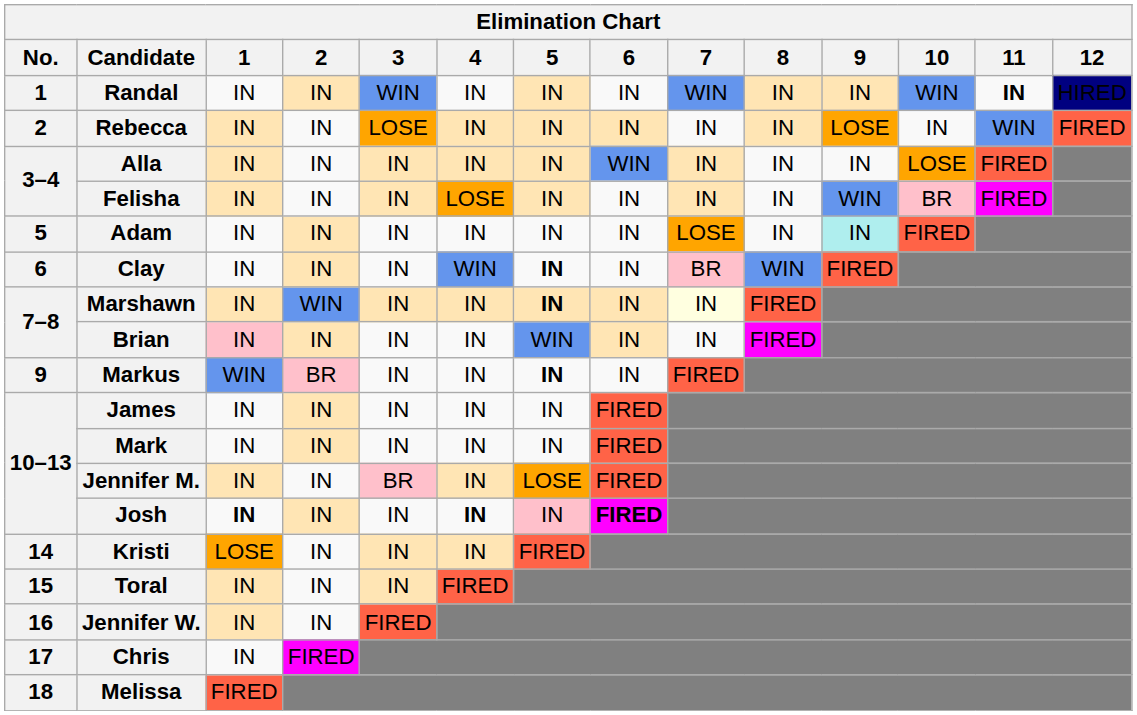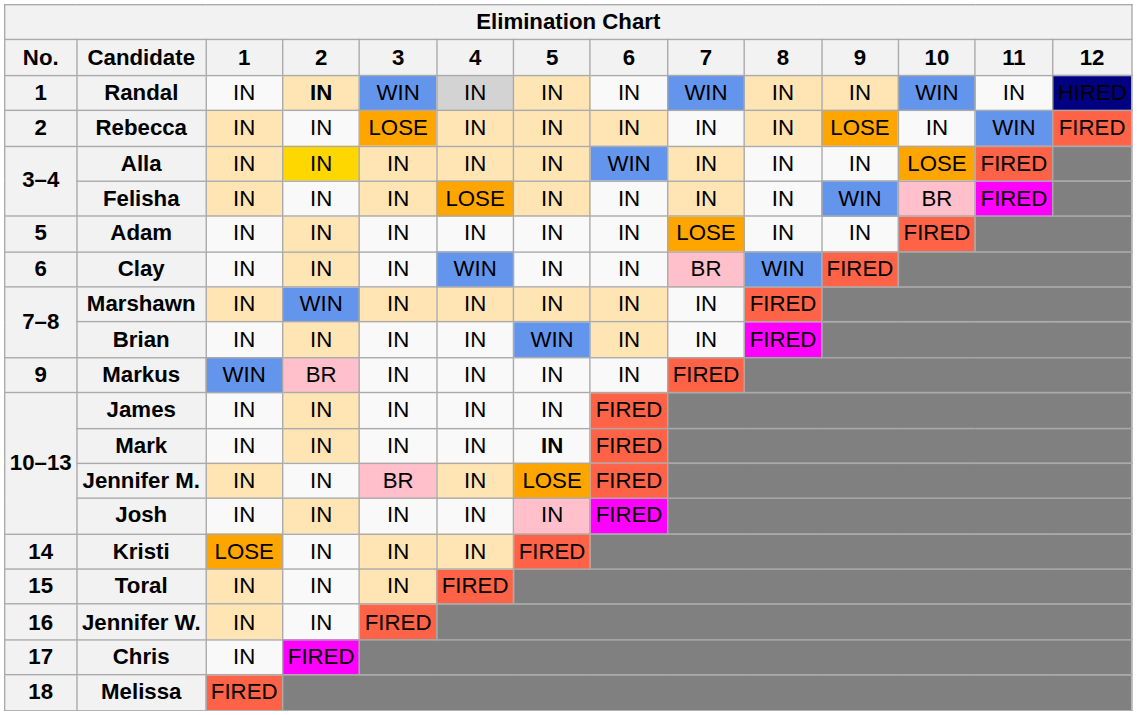 <table class="wikitable" style="text-align:center;">
 <tr>
 <th colspan="14">Elimination Chart</th>
 </tr>
 <tr>
 <th>No.</th>
 <th>Candidate</th>
 <th>1</th>
 <th>2</th>
 <th>3</th>
 <th>4</th>
 <th>5</th>
 <th>6</th>
 <th>7</th>
 <th>8</th>
 <th>9</th>
 <th>10</th>
 <th>11</th>
 <th>12</th>
 </tr>
 <tr>
 <th>1</th>
 <th>Randal</th>
 <td>IN</td>
-<td style="background:#ffe5b4;">IN</td>
+<td style="background:#ffe5b4;"><strong>IN</strong></td>
 <td style="background:cornflowerblue;">WIN</td>
-<td>IN</td>
+<td style="background: lightgrey;">IN</td>
 <td style="background:#ffe5b4;">IN</td>
 <td>IN</td>
 <td style="background:cornflowerblue;">WIN</td>
 <td style="background:#ffe5b4;">IN</td>
 <td style="background:#ffe5b4;">IN</td>
 <td style="background:cornflowerblue;">WIN</td>
-<td><strong>IN</strong></td>
+<td>IN</td>
 <td style="background:navy;"><span>HIRED</span></td>
 </tr>
 <tr>
 <th>2</th>
 <th>Rebecca</th>
 <td style="background:#ffe5b4;">IN</td>
 <td>IN</td>
 <td style="background:orange;">LOSE</td>
 <td style="background:#ffe5b4;">IN</td>
 <td style="background:#ffe5b4;">IN</td>
 <td style="background:#ffe5b4;">IN</td>
 <td>IN</td>
 <td style="background:#ffe5b4;">IN</td>
 <td style="background:orange;">LOSE</td>
 <td>IN</td>
 <td style="background:cornflowerblue;">WIN</td>
 <td style="background:tomato;">FIRED</td>
 </tr>
 <tr>
 <th rowspan="2">3–4</th>
 <th>Alla</th>
 <td style="background:#ffe5b4;">IN</td>
-<td>IN</td>
+<td style="background: gold;">IN</td>
 <td style="background:#ffe5b4;">IN</td>
 <td style="background:#ffe5b4;">IN</td>
 <td style="background:#ffe5b4;">IN</td>
 <td style="background:cornflowerblue;">WIN</td>
 <td style="background:#ffe5b4;">IN</td>
 <td>IN</td>
 <td>IN</td>
 <td style="background:orange;">LOSE</td>
 <td style="background:tomato;">FIRED</td>
 <td style="background:gray;"></td>
 </tr>
 <tr>
 <th>Felisha</th>
 <td style="background:#ffe5b4;">IN</td>
 <td>IN</td>
 <td style="background:#ffe5b4;">IN</td>
 <td style="background:orange;">LOSE</td>
 <td style="background:#ffe5b4;">IN</td>
 <td>IN</td>
 <td style="background:#ffe5b4;">IN</td>
 <td>IN</td>
 <td style="background:cornflowerblue;">WIN</td>
 <td style="background:pink;">BR</td>
 <td style="background:magenta;">FIRED</td>
 <td colspan="2" style="background:gray;"></td>
 </tr>
 <tr>
 <th>5</th>
 <th>Adam</th>
 <td>IN</td>
 <td style="background:#ffe5b4;">IN</td>
 <td>IN</td>
 <td>IN</td>
 <td>IN</td>
 <td>IN</td>
 <td style="background:orange;">LOSE</td>
 <td>IN</td>
-<td style="background: paleturquoise;">IN</td>
+<td>IN</td>
 <td style="background:tomato;">FIRED</td>
 <td colspan="3" style="background:gray;"></td>
 </tr>
 <tr>
 <th>6</th>
 <th>Clay</th>
 <td>IN</td>
 <td style="background:#ffe5b4;">IN</td>
 <td>IN</td>
 <td style="background:cornflowerblue;">WIN</td>
-<td><strong>IN</strong></td>
+<td>IN</td>
 <td>IN</td>
 <td style="background:pink;">BR</td>
 <td style="background:cornflowerblue;">WIN</td>
 <td style="background:tomato;">FIRED</td>
 <td colspan="4" style="background:gray;"></td>
 </tr>
 <tr>
 <th rowspan="2">7–8</th>
 <th>Marshawn</th>
 <td style="background:#ffe5b4;">IN</td>
 <td style="background:cornflowerblue;">WIN</td>
 <td style="background:#ffe5b4;">IN</td>
 <td style="background:#ffe5b4;">IN</td>
-<td style="background:#ffe5b4;"><strong>IN</strong></td>
 <td style="background:#ffe5b4;">IN</td>
-<td style="background: lightyellow;">IN</td>
+<td style="background:#ffe5b4;">IN</td>
+<td>IN</td>
 <td style="background:tomato;">FIRED</td>
 <td colspan="5" style="background:gray;"></td>
 </tr>
 <tr>
 <th>Brian</th>
-<td style="background: pink;">IN</td>
+<td>IN</td>
 <td style="background:#ffe5b4;">IN</td>
 <td>IN</td>
 <td>IN</td>
 <td style="background:cornflowerblue;">WIN</td>
 <td style="background:#ffe5b4;">IN</td>
 <td>IN</td>
 <td style="background:magenta;">FIRED</td>
 <td colspan="6" style="background:gray;"></td>
 </tr>
 <tr>
 <th>9</th>
 <th>Markus</th>
 <td style="background:cornflowerblue;">WIN</td>
 <td style="background:pink;">BR</td>
 <td>IN</td>
 <td>IN</td>
-<td><strong>IN</strong></td>
+<td>IN</td>
 <td>IN</td>
 <td style="background:tomato;">FIRED</td>
 <td colspan="7" style="background:gray;"></td>
 </tr>
 <tr>
 <th ! rowspan="4">10–13</th>
 <th>James</th>
 <td>IN</td>
 <td style="background:#ffe5b4;">IN</td>
 <td>IN</td>
 <td>IN</td>
 <td>IN</td>
 <td style="background:tomato;">FIRED</td>
 <td colspan="9" style="background:gray;"></td>
 </tr>
 <tr>
 <th>Mark</th>
 <td>IN</td>
 <td style="background:#ffe5b4;">IN</td>
 <td>IN</td>
 <td>IN</td>
-<td>IN</td>
+<td><strong>IN</strong></td>
 <td style="background:tomato;">FIRED</td>
 <td colspan="9" style="background:gray;"></td>
 </tr>
 <tr>
 <th>Jennifer M.</th>
 <td style="background:#ffe5b4;">IN</td>
 <td>IN</td>
 <td style="background:pink;">BR</td>
 <td style="background:#ffe5b4;">IN</td>
 <td style="background:orange;">LOSE</td>
 <td style="background:tomato;">FIRED</td>
 <td colspan="9" style="background:gray;"></td>
 </tr>
 <tr>
 <th>Josh</th>
-<td><strong>IN</strong></td>
+<td>IN</td>
 <td style="background:#ffe5b4;">IN</td>
 <td>IN</td>
-<td><strong>IN</strong></td>
+<td>IN</td>
 <td style="background: pink;">IN</td>
-<td style="background:magenta;"><strong>FIRED</strong></td>
+<td style="background:magenta;">FIRED</td>
 <td colspan="9" style="background:gray;"></td>
 </tr>
 <tr>
 <th>14</th>
 <th>Kristi</th>
 <td style="background:orange;">LOSE</td>
 <td>IN</td>
 <td style="background:#ffe5b4;">IN</td>
 <td style="background:#ffe5b4;">IN</td>
 <td style="background:tomato;">FIRED</td>
 <td colspan="12" style="background:gray;"></td>
 </tr>
 <tr>
 <th>15</th>
 <th>Toral</th>
 <td style="background:#ffe5b4;">IN</td>
 <td>IN</td>
 <td style="background:#ffe5b4;">IN</td>
 <td style="background:tomato;">FIRED</td>
 <td colspan="12" style="background:gray;"></td>
 </tr>
 <tr>
 <th>16</th>
 <th>Jennifer W.</th>
 <td style="background:#ffe5b4;">IN</td>
 <td>IN</td>
 <td style="background:tomato;">FIRED</td>
 <td colspan="13" style="background:gray;"></td>
 </tr>
 <tr>
 <th>17</th>
 <th>Chris</th>
 <td>IN</td>
 <td style="background:magenta;">FIRED</td>
 <td colspan="14" style="background:gray;"></td>
 </tr>
 <tr>
 <th>18</th>
 <th>Melissa</th>
 <td style="background:tomato;">FIRED</td>
 <td colspan="15" style="background:gray;"></td>
 </tr>
 </table>
